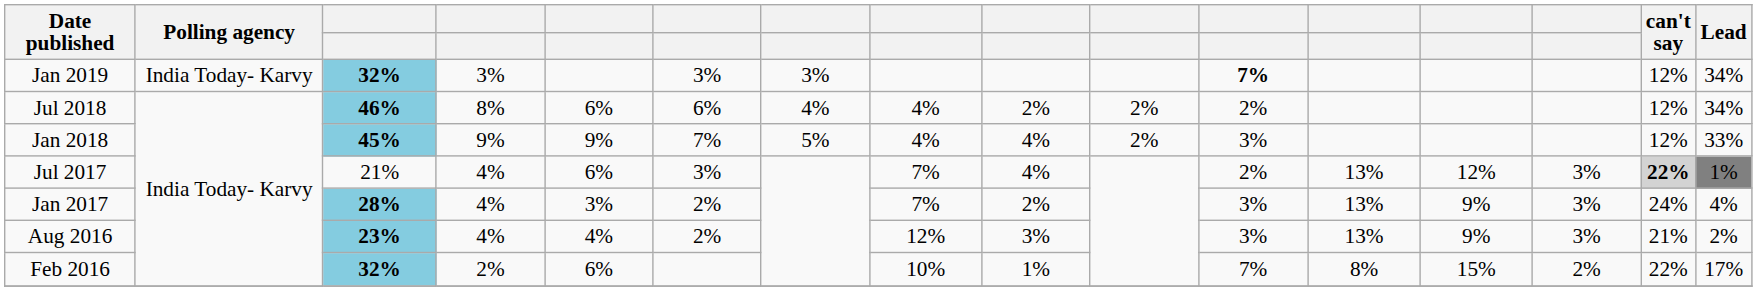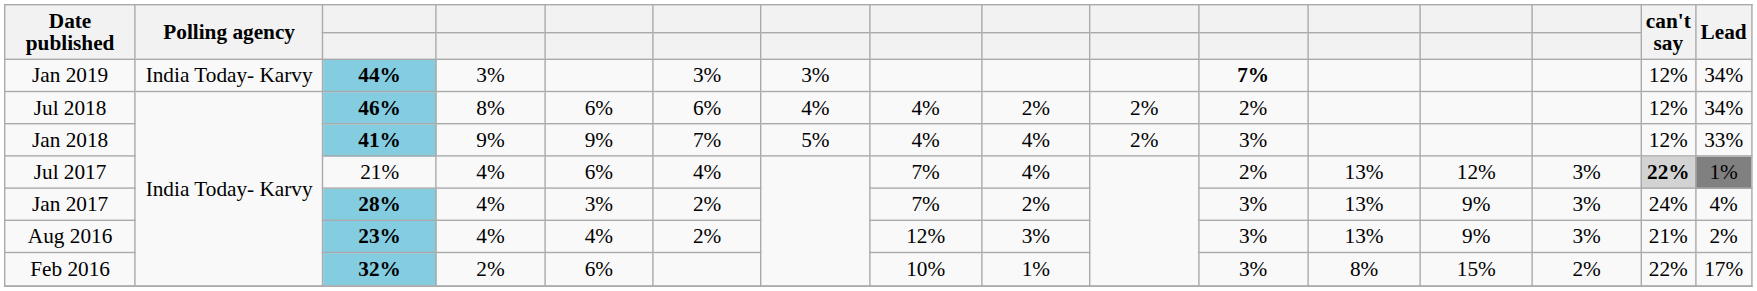 <table class="wikitable sortable" style="text-align:center;font-size:95%;line-height:16px">
 <tr>
 <th rowspan="2" width="100px">Date published</th>
 <th rowspan="2" width="175px">Polling agency</th>
 <th style="background:"></th>
 <th style="background:"></th>
 <th style="background:"></th>
 <th style="background:"></th>
 <th style="background:"></th>
 <th style="background:"></th>
 <th style="background:"></th>
 <th style="background:"></th>
 <th style="background:"></th>
 <th style="background:"></th>
 <th style="background:"></th>
 <th style="background:"></th>
 <th rowspan="2" class="unsortable">can't say</th>
 <th rowspan="2">Lead</th>
 </tr>
 <tr>
 <th width="100px" class="unsortable"></th>
 <th width="100px" class="unsortable"></th>
 <th width="100px" class="unsortable"></th>
 <th width="100px" class="unsortable"></th>
 <th width="100px" class="unsortable"></th>
 <th width="100px" class="unsortable"></th>
 <th width="100px" class="unsortable"></th>
 <th width="100px" class="unsortable"></th>
 <th width="100px" class="unsortable"></th>
 <th width="100px" class="unsortable"></th>
 <th width="100px" class="unsortable"></th>
 <th width="100px" class="unsortable"></th>
 </tr>
 <tr>
 <td>Jan 2019</td>
 <td>India Today- Karvy</td>
-<td style="background:#84CCE0"><strong>32%</strong></td>
+<td style="background:#84CCE0"><strong>44%</strong></td>
 <td>3%</td>
 <td></td>
 <td>3%</td>
 <td>3%</td>
 <td></td>
 <td></td>
 <td></td>
 <td><strong>7%</strong></td>
 <td></td>
 <td></td>
 <td></td>
 <td>12%</td>
 <td style="background:"><span>34%</span></td>
 </tr>
 <tr>
 <td>Jul 2018</td>
 <td rowspan="6">India Today- Karvy</td>
 <td style="background:#84CCE0"><strong>46%</strong></td>
 <td>8%</td>
 <td>6%</td>
 <td>6%</td>
 <td>4%</td>
 <td>4%</td>
 <td>2%</td>
 <td>2%</td>
 <td>2%</td>
 <td></td>
 <td></td>
 <td></td>
 <td>12%</td>
 <td style="background:"><span>34%</span></td>
 </tr>
 <tr>
 <td>Jan 2018</td>
-<td style="background:#84CCE0"><strong>45%</strong></td>
+<td style="background:#84CCE0"><strong>41%</strong></td>
 <td>9%</td>
 <td>9%</td>
 <td>7%</td>
 <td>5%</td>
 <td>4%</td>
 <td>4%</td>
 <td>2%</td>
 <td>3%</td>
 <td></td>
 <td></td>
 <td></td>
 <td>12%</td>
 <td style="background:"><span>33%</span></td>
 </tr>
 <tr>
 <td>Jul 2017</td>
 <td>21%</td>
 <td>4%</td>
 <td>6%</td>
-<td>3%</td>
+<td>4%</td>
 <td rowspan="4"></td>
 <td>7%</td>
 <td>4%</td>
 <td rowspan="4"></td>
 <td>2%</td>
 <td>13%</td>
 <td>12%</td>
 <td>3%</td>
 <td style="background:#D3D3D3"><strong>22%</strong></td>
 <td style="background:grey"><span>1%</span></td>
 </tr>
 <tr>
 <td>Jan 2017</td>
 <td style="background:#84CCE0"><strong>28%</strong></td>
 <td>4%</td>
 <td>3%</td>
 <td>2%</td>
 <td>7%</td>
 <td>2%</td>
 <td>3%</td>
 <td>13%</td>
 <td>9%</td>
 <td>3%</td>
 <td>24%</td>
 <td style="background:"><span>4%</span></td>
 </tr>
 <tr>
 <td>Aug 2016</td>
 <td style="background:#84CCE0"><strong>23%</strong></td>
 <td>4%</td>
 <td>4%</td>
 <td>2%</td>
 <td>12%</td>
 <td>3%</td>
 <td>3%</td>
 <td>13%</td>
 <td>9%</td>
 <td>3%</td>
 <td>21%</td>
 <td style="background:"><span>2%</span></td>
 </tr>
 <tr>
 <td>Feb 2016</td>
 <td style="background:#84CCE0"><strong>32%</strong></td>
 <td>2%</td>
 <td>6%</td>
 <td></td>
 <td>10%</td>
 <td>1%</td>
-<td>7%</td>
+<td>3%</td>
 <td>8%</td>
 <td>15%</td>
 <td>2%</td>
 <td>22%</td>
 <td style="background:"><span>17%</span></td>
 </tr>
 <tr>
 </tr>
 </table>
